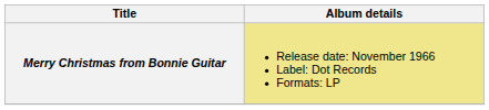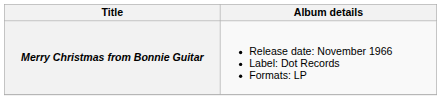 <table class="wikitable plainrowheaders" style="text-align:center;">
 <tr>
 <th scope="col" style="width:20em;">Title</th>
 <th scope="col" style="width:20em;">Album details</th>
 </tr>
 <tr>
 <th scope="row"><em>Merry Christmas from Bonnie Guitar</em></th>
-<td align="left" style="background: khaki;"><br><ul><li>Release date: November 1966</li><li>Label: Dot Records</li><li>Formats: LP</li></ul></td>
+<td align="left"><br><ul><li>Release date: November 1966</li><li>Label: Dot Records</li><li>Formats: LP</li></ul></td>
 </tr>
 <tr>
 </tr>
 </table>
